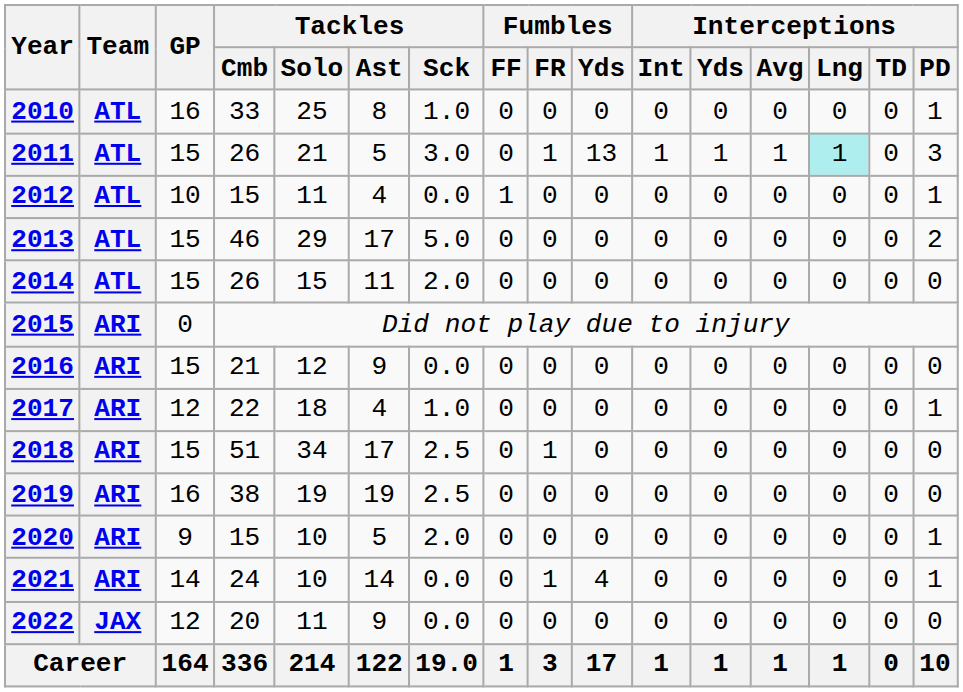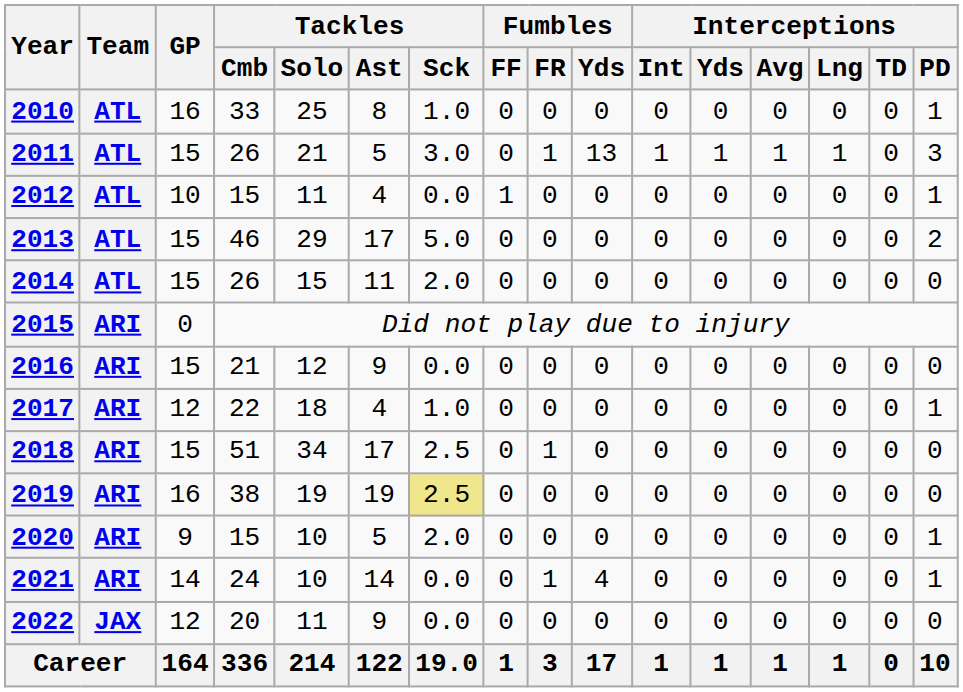 <table class="wikitable" style="text-align:center;">
 <tr>
 <th rowspan="2">Year</th>
 <th rowspan="2">Team</th>
 <th rowspan="2">GP</th>
 <th colspan="4">Tackles</th>
 <th colspan="3">Fumbles</th>
 <th colspan="6">Interceptions</th>
 </tr>
 <tr>
 <th>Cmb</th>
 <th>Solo</th>
 <th>Ast</th>
 <th>Sck</th>
 <th>FF</th>
 <th>FR</th>
 <th>Yds</th>
 <th>Int</th>
 <th>Yds</th>
 <th>Avg</th>
 <th>Lng</th>
 <th>TD</th>
 <th>PD</th>
 </tr>
 <tr>
 <th><a href='#'>2010</a></th>
 <th><a href='#'>ATL</a></th>
 <td>16</td>
 <td>33</td>
 <td>25</td>
 <td>8</td>
 <td>1.0</td>
 <td>0</td>
 <td>0</td>
 <td>0</td>
 <td>0</td>
 <td>0</td>
 <td>0</td>
 <td>0</td>
 <td>0</td>
 <td>1</td>
 </tr>
 <tr>
 <th><a href='#'>2011</a></th>
 <th><a href='#'>ATL</a></th>
 <td>15</td>
 <td>26</td>
 <td>21</td>
 <td>5</td>
 <td>3.0</td>
 <td>0</td>
 <td>1</td>
 <td>13</td>
 <td>1</td>
 <td>1</td>
 <td>1</td>
-<td style="background: paleturquoise;">1</td>
+<td>1</td>
 <td>0</td>
 <td>3</td>
 </tr>
 <tr>
 <th><a href='#'>2012</a></th>
 <th><a href='#'>ATL</a></th>
 <td>10</td>
 <td>15</td>
 <td>11</td>
 <td>4</td>
 <td>0.0</td>
 <td>1</td>
 <td>0</td>
 <td>0</td>
 <td>0</td>
 <td>0</td>
 <td>0</td>
 <td>0</td>
 <td>0</td>
 <td>1</td>
 </tr>
 <tr>
 <th><a href='#'>2013</a></th>
 <th><a href='#'>ATL</a></th>
 <td>15</td>
 <td>46</td>
 <td>29</td>
 <td>17</td>
 <td>5.0</td>
 <td>0</td>
 <td>0</td>
 <td>0</td>
 <td>0</td>
 <td>0</td>
 <td>0</td>
 <td>0</td>
 <td>0</td>
 <td>2</td>
 </tr>
 <tr>
 <th><a href='#'>2014</a></th>
 <th><a href='#'>ATL</a></th>
 <td>15</td>
 <td>26</td>
 <td>15</td>
 <td>11</td>
 <td>2.0</td>
 <td>0</td>
 <td>0</td>
 <td>0</td>
 <td>0</td>
 <td>0</td>
 <td>0</td>
 <td>0</td>
 <td>0</td>
 <td>0</td>
 </tr>
 <tr>
 <th><a href='#'>2015</a></th>
 <th><a href='#'>ARI</a></th>
 <td>0</td>
 <td colspan="13"><em>Did not play due to injury</em></td>
 </tr>
 <tr>
 <th><a href='#'>2016</a></th>
 <th><a href='#'>ARI</a></th>
 <td>15</td>
 <td>21</td>
 <td>12</td>
 <td>9</td>
 <td>0.0</td>
 <td>0</td>
 <td>0</td>
 <td>0</td>
 <td>0</td>
 <td>0</td>
 <td>0</td>
 <td>0</td>
 <td>0</td>
 <td>0</td>
 </tr>
 <tr>
 <th><a href='#'>2017</a></th>
 <th><a href='#'>ARI</a></th>
 <td>12</td>
 <td>22</td>
 <td>18</td>
 <td>4</td>
 <td>1.0</td>
 <td>0</td>
 <td>0</td>
 <td>0</td>
 <td>0</td>
 <td>0</td>
 <td>0</td>
 <td>0</td>
 <td>0</td>
 <td>1</td>
 </tr>
 <tr>
 <th><a href='#'>2018</a></th>
 <th><a href='#'>ARI</a></th>
 <td>15</td>
 <td>51</td>
 <td>34</td>
 <td>17</td>
 <td>2.5</td>
 <td>0</td>
 <td>1</td>
 <td>0</td>
 <td>0</td>
 <td>0</td>
 <td>0</td>
 <td>0</td>
 <td>0</td>
 <td>0</td>
 </tr>
 <tr>
 <th><a href='#'>2019</a></th>
 <th><a href='#'>ARI</a></th>
 <td>16</td>
 <td>38</td>
 <td>19</td>
 <td>19</td>
-<td>2.5</td>
+<td style="background: khaki;">2.5</td>
 <td>0</td>
 <td>0</td>
 <td>0</td>
 <td>0</td>
 <td>0</td>
 <td>0</td>
 <td>0</td>
 <td>0</td>
 <td>0</td>
 </tr>
 <tr>
 <th><a href='#'>2020</a></th>
 <th><a href='#'>ARI</a></th>
 <td>9</td>
 <td>15</td>
 <td>10</td>
 <td>5</td>
 <td>2.0</td>
 <td>0</td>
 <td>0</td>
 <td>0</td>
 <td>0</td>
 <td>0</td>
 <td>0</td>
 <td>0</td>
 <td>0</td>
 <td>1</td>
 </tr>
 <tr>
 <th><a href='#'>2021</a></th>
 <th><a href='#'>ARI</a></th>
 <td>14</td>
 <td>24</td>
 <td>10</td>
 <td>14</td>
 <td>0.0</td>
 <td>0</td>
 <td>1</td>
 <td>4</td>
 <td>0</td>
 <td>0</td>
 <td>0</td>
 <td>0</td>
 <td>0</td>
 <td>1</td>
 </tr>
 <tr>
 <th><a href='#'>2022</a></th>
 <th><a href='#'>JAX</a></th>
 <td>12</td>
 <td>20</td>
 <td>11</td>
 <td>9</td>
 <td>0.0</td>
 <td>0</td>
 <td>0</td>
 <td>0</td>
 <td>0</td>
 <td>0</td>
 <td>0</td>
 <td>0</td>
 <td>0</td>
 <td>0</td>
 </tr>
 <tr>
 <th colspan="2">Career</th>
 <th>164</th>
 <th>336</th>
 <th>214</th>
 <th>122</th>
 <th>19.0</th>
 <th>1</th>
 <th>3</th>
 <th>17</th>
 <th>1</th>
 <th>1</th>
 <th>1</th>
 <th>1</th>
 <th>0</th>
 <th>10</th>
 </tr>
 </table>
